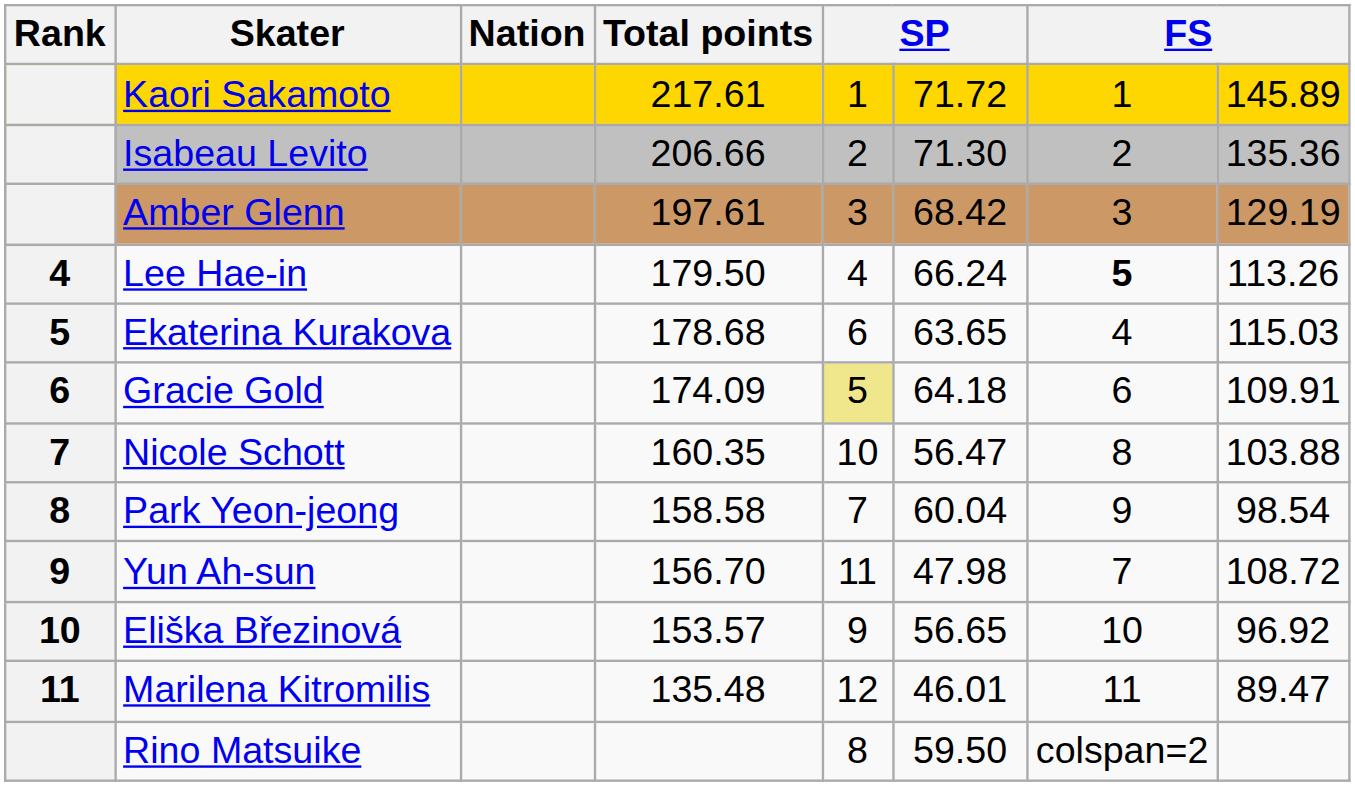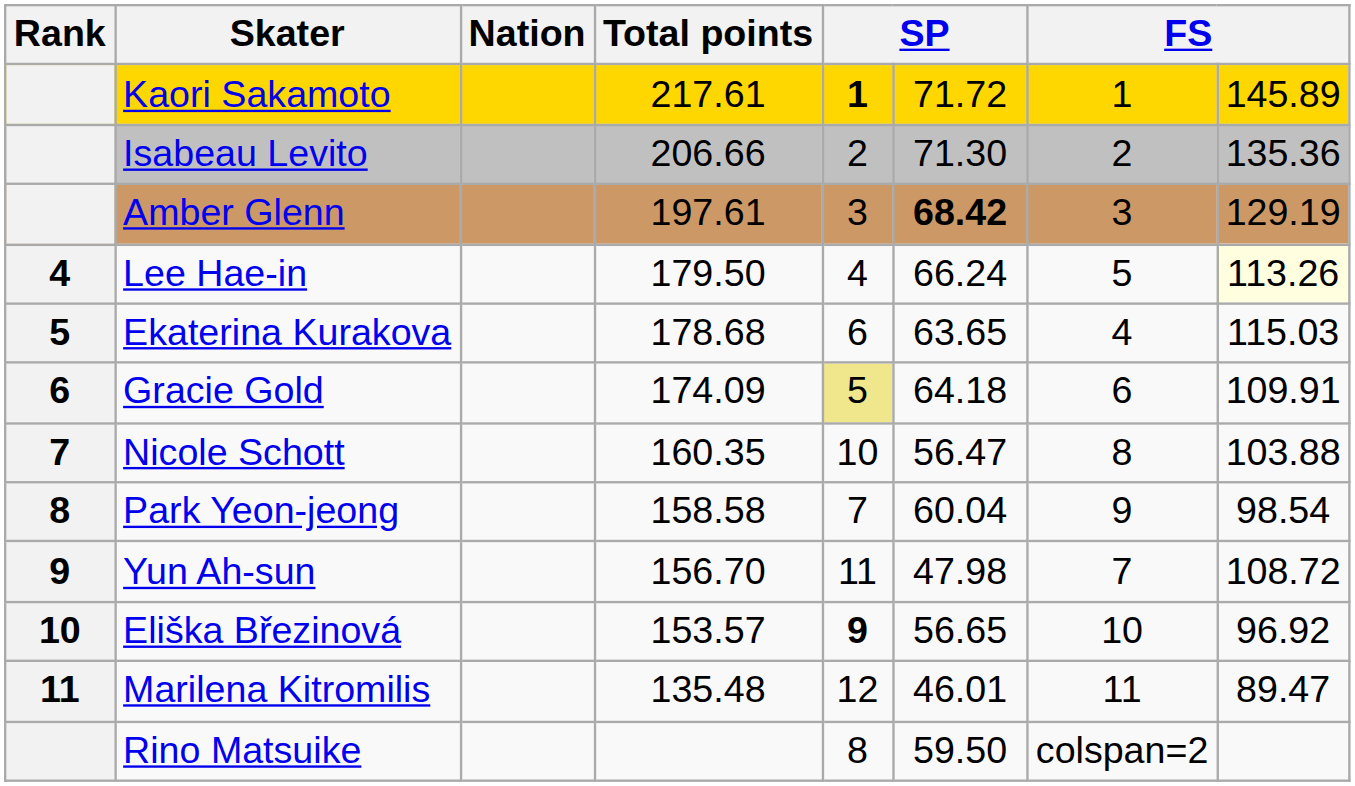 <table class="wikitable sortable" style="text-align:left;">
 <tr>
 <th scope="col">Rank</th>
 <th scope="col">Skater</th>
 <th scope="col">Nation</th>
 <th scope="col">Total points</th>
 <th scope="col" colspan="2" width="80px"><a href='#'>SP</a></th>
 <th scope="col" colspan="2" width="80px"><a href='#'>FS</a></th>
 </tr>
 <tr bgcolor="gold">
 <th scope="row"></th>
 <td><a href='#'>Kaori Sakamoto</a></td>
 <td></td>
 <td align="center">217.61</td>
-<td align="center">1</td>
+<td align="center"><strong>1</strong></td>
 <td align="center">71.72</td>
 <td align="center">1</td>
 <td align="center">145.89</td>
 </tr>
 <tr bgcolor="silver">
 <th scope="row"></th>
 <td><a href='#'>Isabeau Levito</a></td>
 <td></td>
 <td align="center">206.66</td>
 <td align="center">2</td>
 <td align="center">71.30</td>
 <td align="center">2</td>
 <td align="center">135.36</td>
 </tr>
 <tr bgcolor="cc9966">
 <th scope="row"></th>
 <td><a href='#'>Amber Glenn</a></td>
 <td></td>
 <td align="center">197.61</td>
 <td align="center">3</td>
-<td align="center">68.42</td>
+<td align="center"><strong>68.42</strong></td>
 <td align="center">3</td>
 <td align="center">129.19</td>
 </tr>
 <tr>
 <th scope="row">4</th>
 <td><a href='#'>Lee Hae-in</a></td>
 <td></td>
 <td align="center">179.50</td>
 <td align="center">4</td>
 <td align="center">66.24</td>
-<td align="center"><strong>5</strong></td>
-<td align="center">113.26</td>
+<td align="center">5</td>
+<td align="center" style="background: lightyellow;">113.26</td>
 </tr>
 <tr>
 <th scope="row">5</th>
 <td><a href='#'>Ekaterina Kurakova</a></td>
 <td></td>
 <td align="center">178.68</td>
 <td align="center">6</td>
 <td align="center">63.65</td>
 <td align="center">4</td>
 <td align="center">115.03</td>
 </tr>
 <tr>
 <th scope="row">6</th>
 <td><a href='#'>Gracie Gold</a></td>
 <td></td>
 <td align="center">174.09</td>
 <td align="center" style="background: khaki;">5</td>
 <td align="center">64.18</td>
 <td align="center">6</td>
 <td align="center">109.91</td>
 </tr>
 <tr>
 <th scope="row">7</th>
 <td><a href='#'>Nicole Schott</a></td>
 <td></td>
 <td align="center">160.35</td>
 <td align="center">10</td>
 <td align="center">56.47</td>
 <td align="center">8</td>
 <td align="center">103.88</td>
 </tr>
 <tr>
 <th scope="row">8</th>
 <td><a href='#'>Park Yeon-jeong</a></td>
 <td></td>
 <td align="center">158.58</td>
 <td align="center">7</td>
 <td align="center">60.04</td>
 <td align="center">9</td>
 <td align="center">98.54</td>
 </tr>
 <tr>
 <th scope="row">9</th>
 <td><a href='#'>Yun Ah-sun</a></td>
 <td></td>
 <td align="center">156.70</td>
 <td align="center">11</td>
 <td align="center">47.98</td>
 <td align="center">7</td>
 <td align="center">108.72</td>
 </tr>
 <tr>
 <th scope="row">10</th>
 <td><a href='#'>Eliška Březinová</a></td>
 <td></td>
 <td align="center">153.57</td>
-<td align="center">9</td>
+<td align="center"><strong>9</strong></td>
 <td align="center">56.65</td>
 <td align="center">10</td>
 <td align="center">96.92</td>
 </tr>
 <tr>
 <th scope="row">11</th>
 <td><a href='#'>Marilena Kitromilis</a></td>
 <td></td>
 <td align="center">135.48</td>
 <td align="center">12</td>
 <td align="center">46.01</td>
 <td align="center">11</td>
 <td align="center">89.47</td>
 </tr>
 <tr>
 <th scope="row"></th>
 <td><a href='#'>Rino Matsuike</a></td>
 <td></td>
 <td></td>
 <td align="center">8</td>
 <td align="center">59.50</td>
 <td>colspan=2 </td>
 </tr>
 </table>
